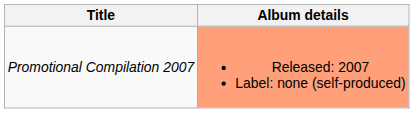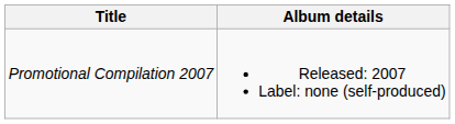 <table class="wikitable plainrowheaders" style="text-align:center;">
 <tr>
 <th>Title</th>
 <th>Album details</th>
 </tr>
 <tr>
 <td><em>Promotional Compilation 2007</em></td>
-<td style="background: lightsalmon;"><br><ul><li>Released: 2007</li><li>Label: none (self-produced)</li></ul></td>
+<td><br><ul><li>Released: 2007</li><li>Label: none (self-produced)</li></ul></td>
 </tr>
 </table>
